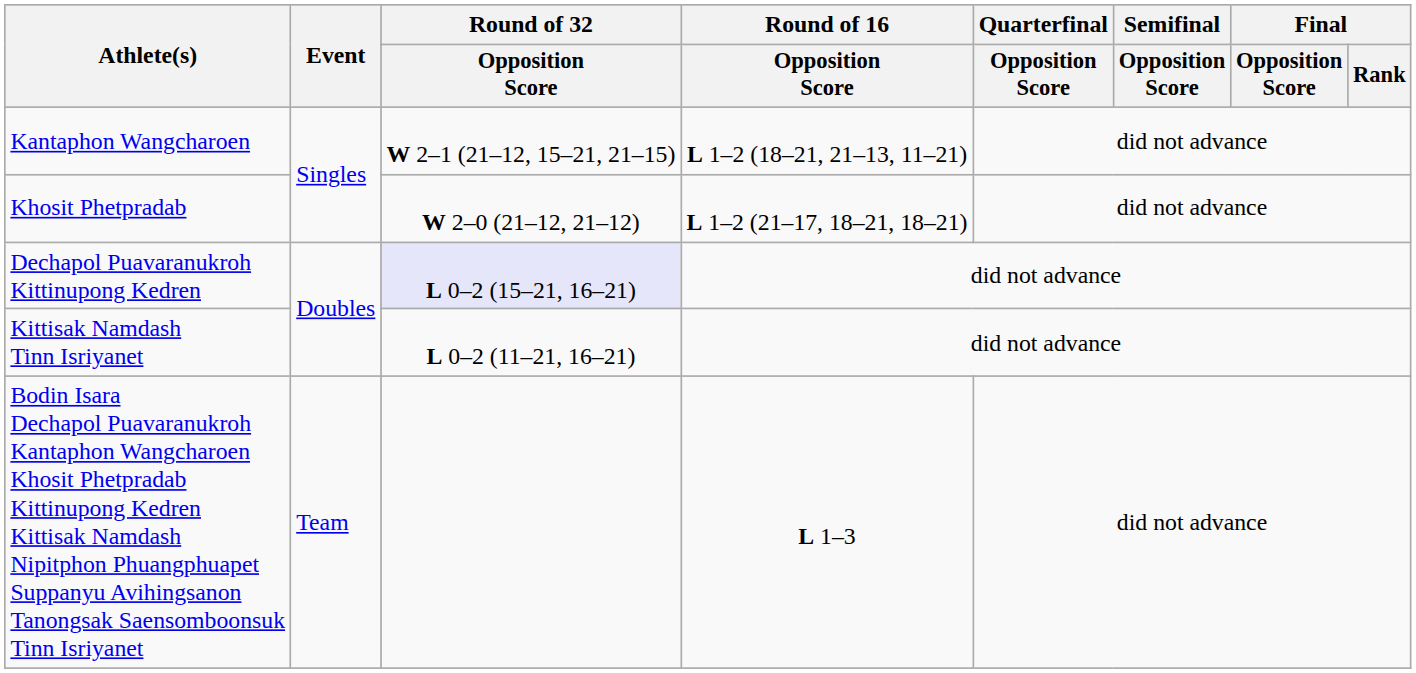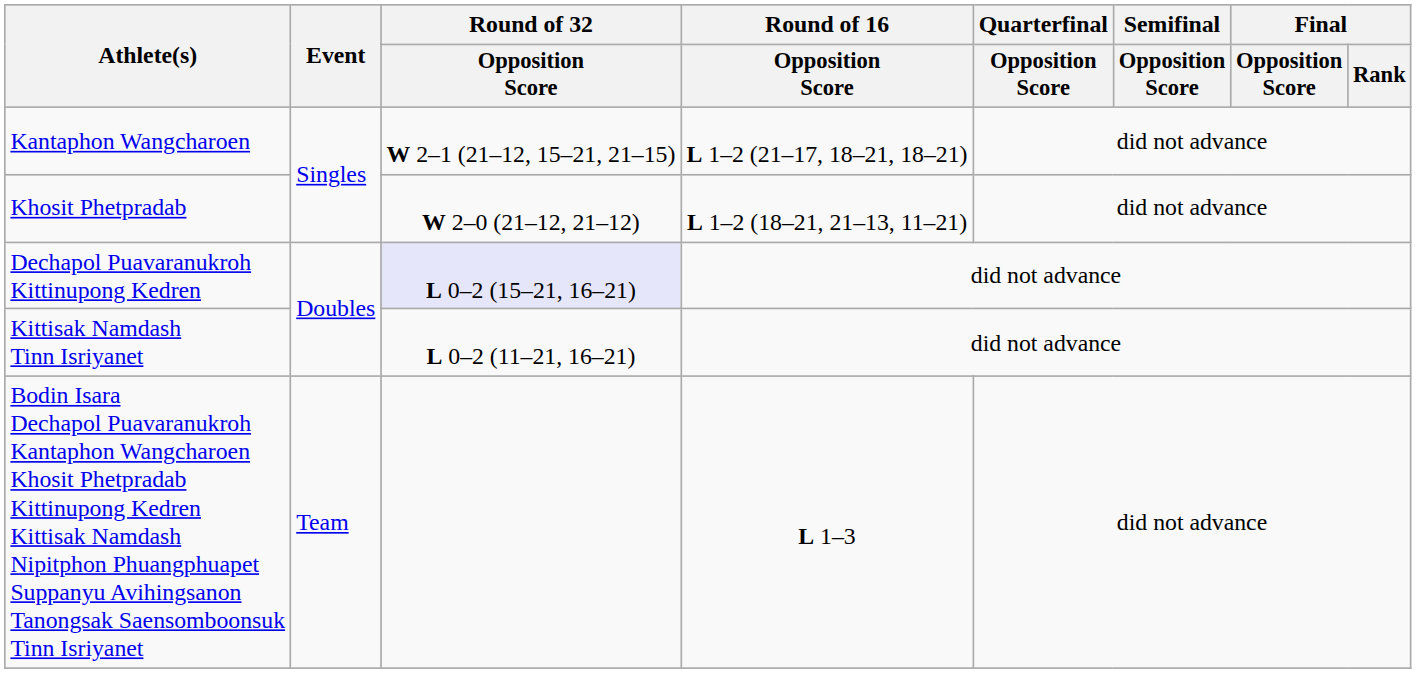 <table class="wikitable" style="font-size:90%">
 <tr>
 <th rowspan=2>Athlete(s)</th>
 <th rowspan=2>Event</th>
 <th>Round of 32</th>
 <th>Round of 16</th>
 <th>Quarterfinal</th>
 <th>Semifinal</th>
 <th colspan=2>Final</th>
 </tr>
 <tr style="font-size:95%">
 <th>Opposition<br>Score</th>
 <th>Opposition<br>Score</th>
 <th>Opposition<br>Score</th>
 <th>Opposition<br>Score</th>
 <th>Opposition<br>Score</th>
 <th>Rank</th>
 </tr>
 <tr align=center>
 <td align=left><a href='#'>Kantaphon Wangcharoen</a></td>
 <td align=left rowspan="2"><a href='#'>Singles</a></td>
 <td> <br> <strong>W</strong> 2–1 (21–12, 15–21, 21–15)</td>
-<td> <br> <strong>L</strong> 1–2 (18–21, 21–13, 11–21)</td>
+<td> <br> <strong>L</strong> 1–2 (21–17, 18–21, 18–21)</td>
 <td colspan=4>did not advance</td>
 </tr>
 <tr align=center>
 <td align=left><a href='#'>Khosit Phetpradab</a></td>
 <td> <br> <strong>W</strong> 2–0 (21–12, 21–12)</td>
-<td> <br> <strong>L</strong> 1–2 (21–17, 18–21, 18–21)</td>
+<td> <br> <strong>L</strong> 1–2 (18–21, 21–13, 11–21)</td>
 <td colspan=4>did not advance</td>
 </tr>
 <tr align=center>
 <td align=left><a href='#'>Dechapol Puavaranukroh</a><br><a href='#'>Kittinupong Kedren</a></td>
 <td align=left rowspan="2"><a href='#'>Doubles</a></td>
 <td style="background: lavender;"> <br> <strong>L</strong> 0–2 (15–21, 16–21)</td>
 <td colspan=5>did not advance</td>
 </tr>
 <tr align=center>
 <td align=left><a href='#'>Kittisak Namdash</a><br><a href='#'>Tinn Isriyanet</a></td>
 <td> <br> <strong>L</strong> 0–2 (11–21, 16–21)</td>
 <td colspan=5>did not advance</td>
 </tr>
 <tr align=center>
 <td align=left><a href='#'>Bodin Isara</a><br><a href='#'>Dechapol Puavaranukroh</a><br><a href='#'>Kantaphon Wangcharoen</a><br><a href='#'>Khosit Phetpradab</a><br><a href='#'>Kittinupong Kedren</a><br><a href='#'>Kittisak Namdash</a><br><a href='#'>Nipitphon Phuangphuapet</a><br><a href='#'>Suppanyu Avihingsanon</a><br><a href='#'>Tanongsak Saensomboonsuk</a><br><a href='#'>Tinn Isriyanet</a></td>
 <td align=left><a href='#'>Team</a></td>
 <td></td>
 <td> <br><strong>L</strong> 1–3</td>
 <td colspan=4>did not advance</td>
 </tr>
 </table>
